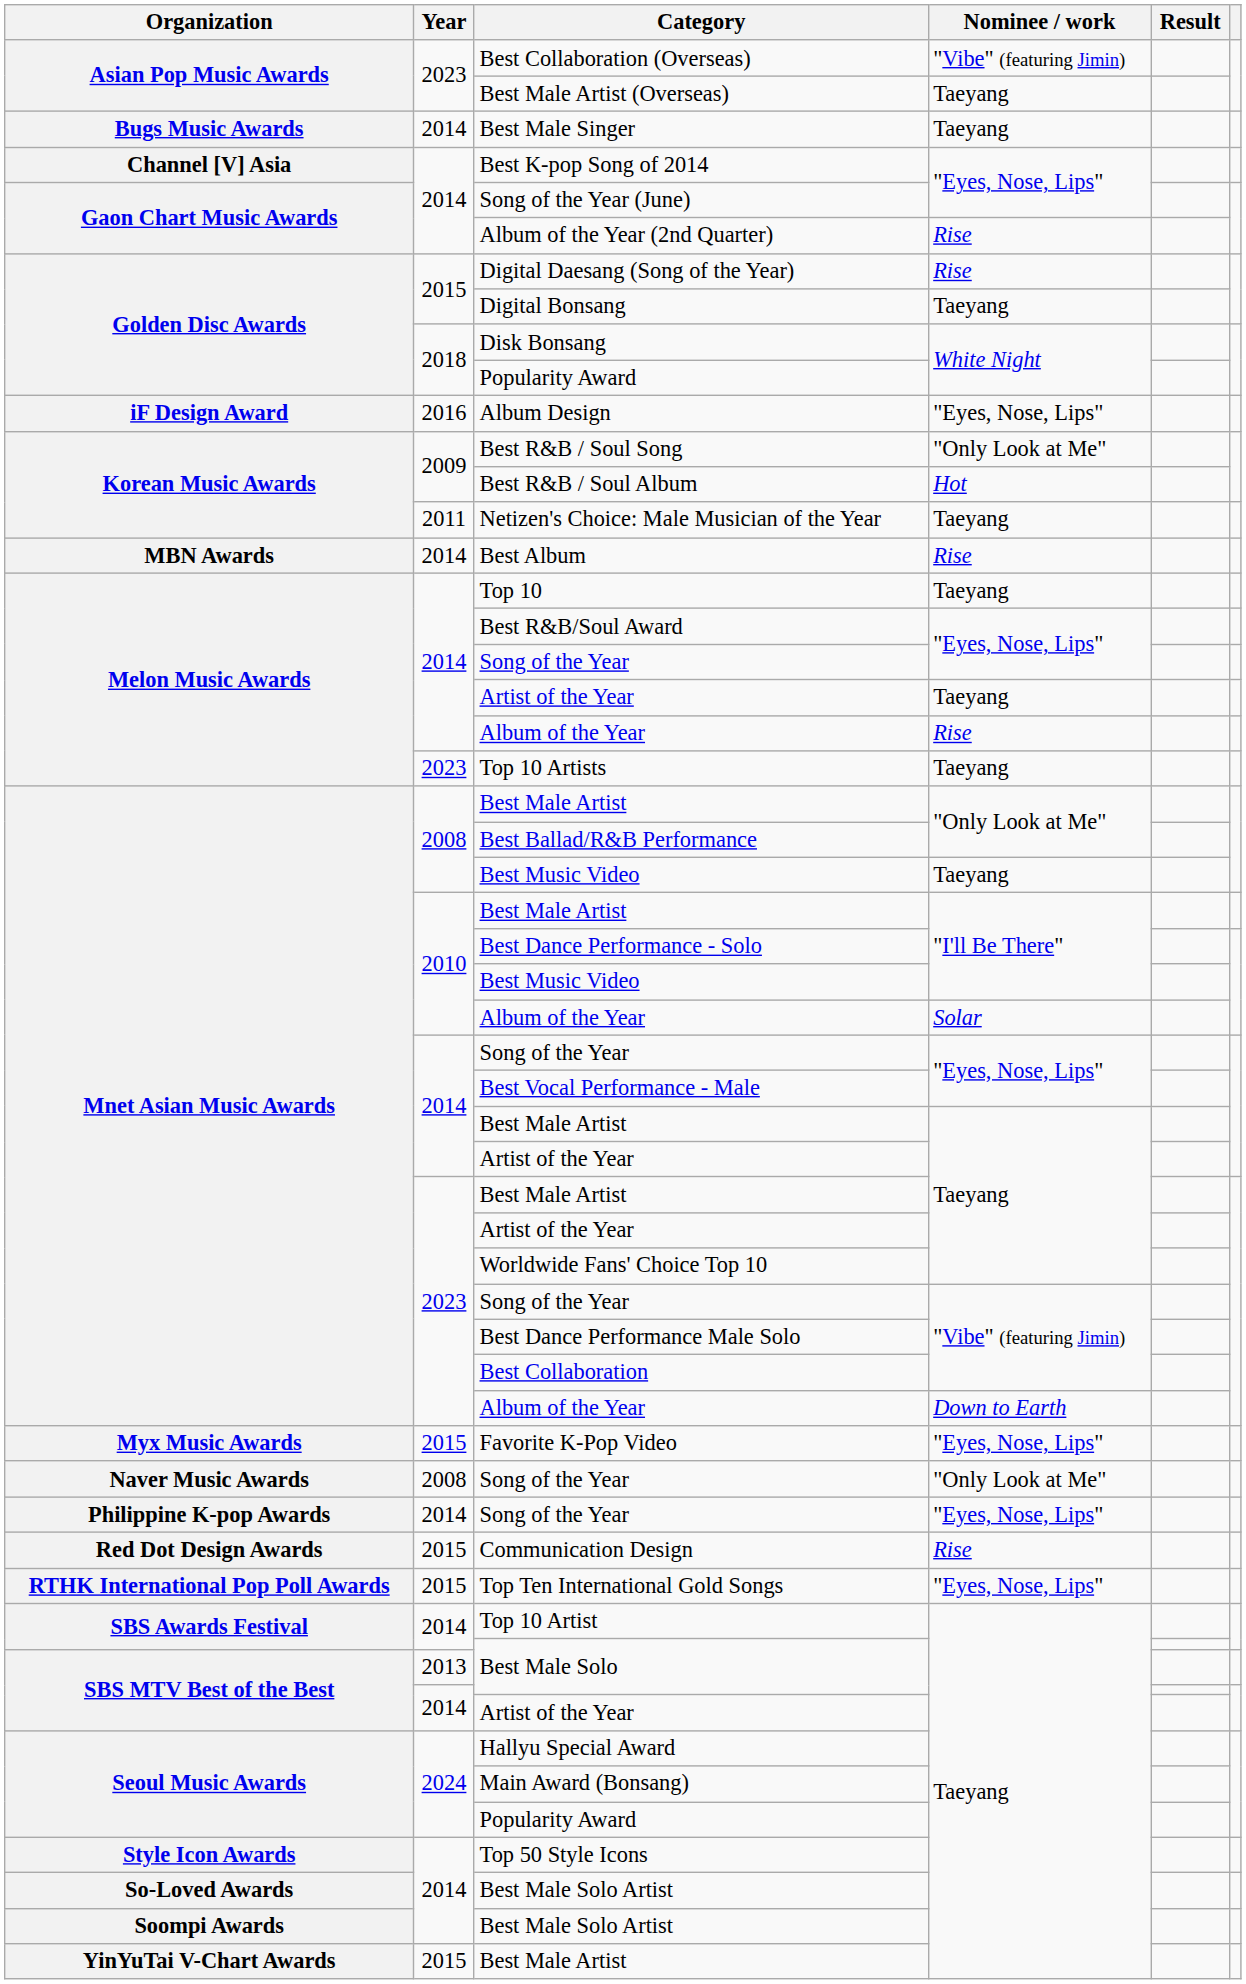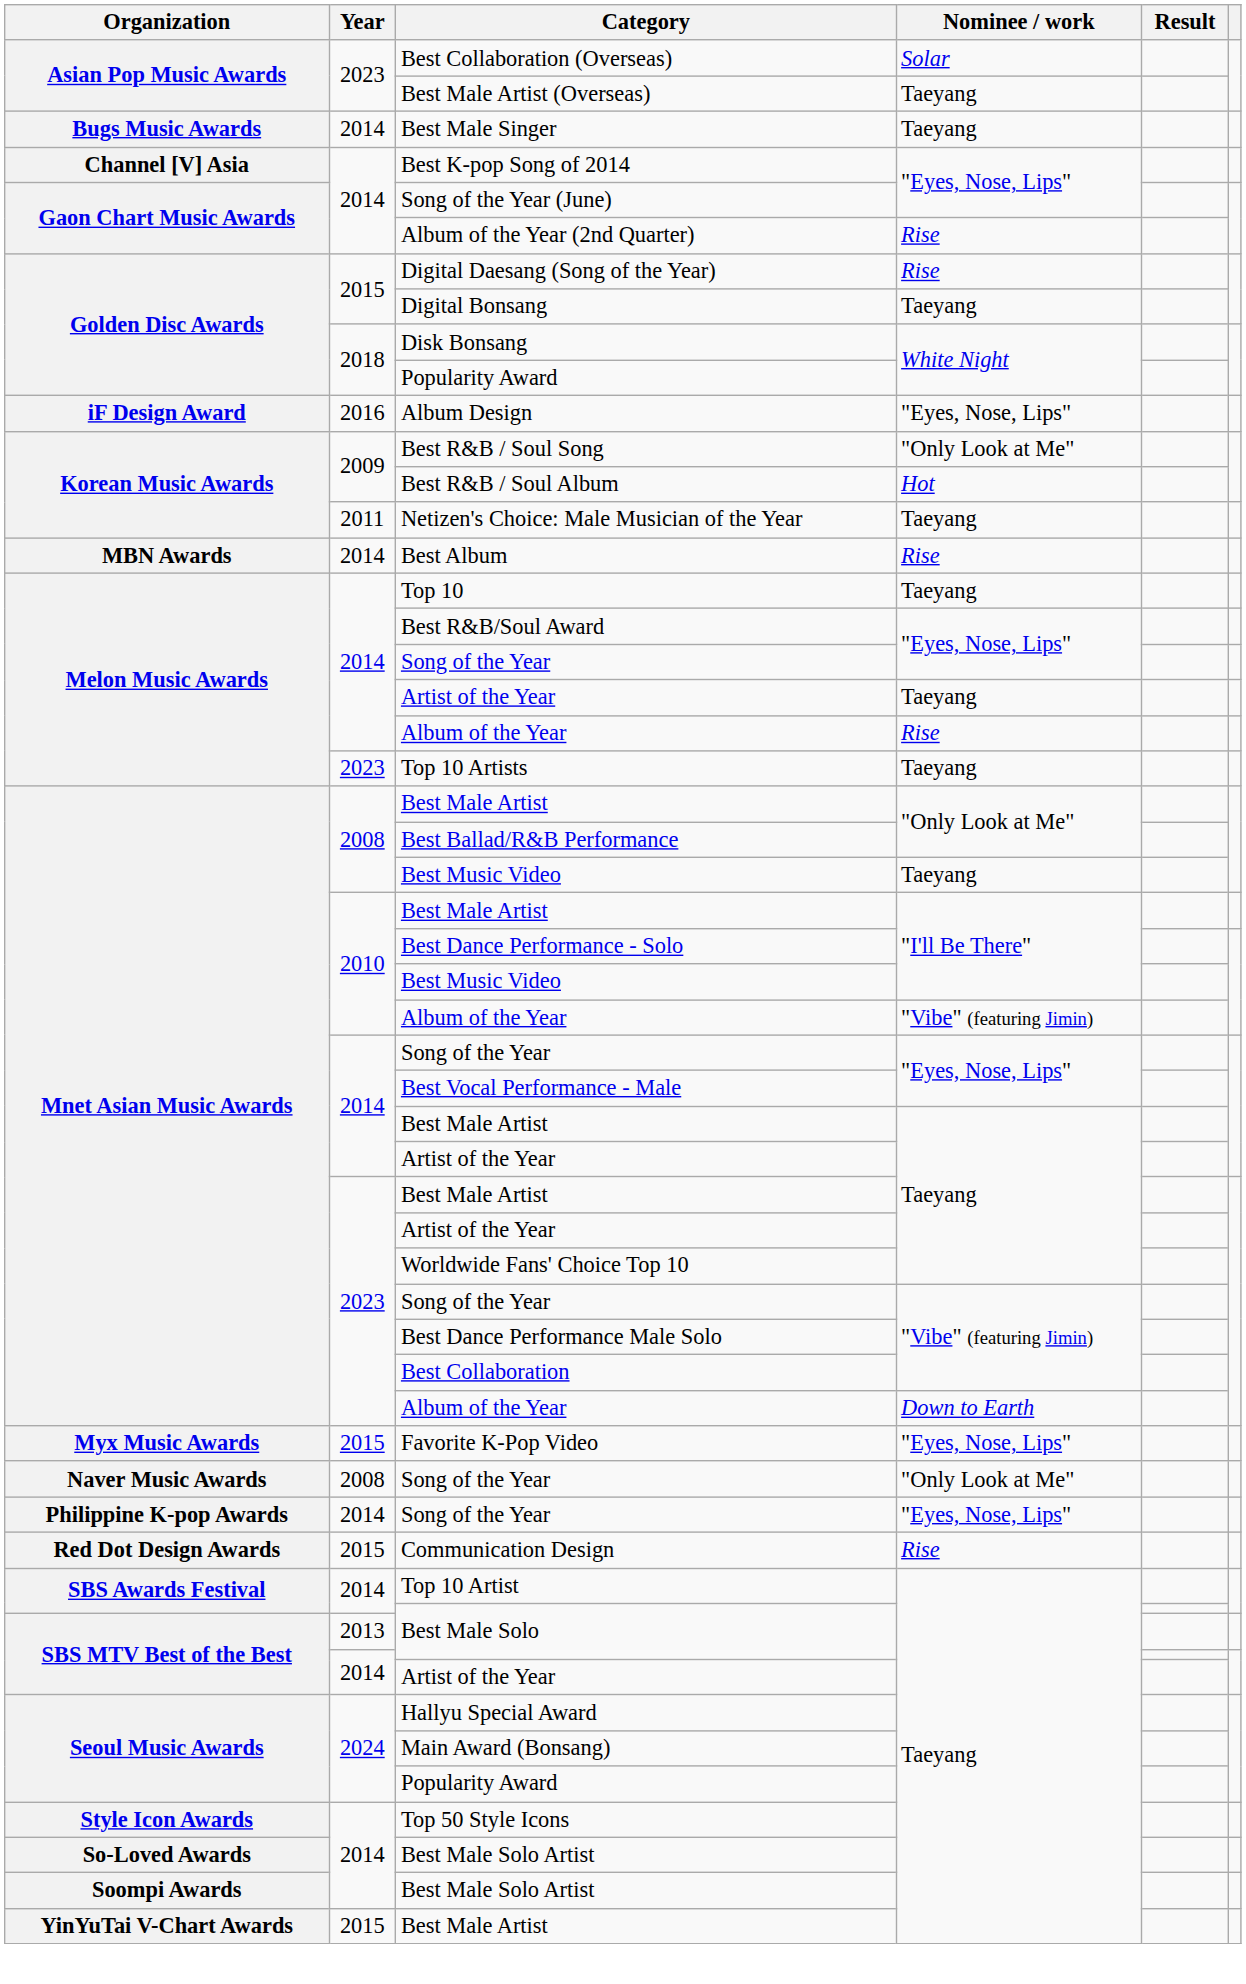 <table class="wikitable sortable plainrowheaders" style="width:100%">
 <tr>
 <th scope="col">Organization</th>
 <th scope="col">Year</th>
 <th scope="col">Category</th>
 <th scope="col">Nominee / work</th>
 <th scope="col">Result</th>
 <th scope="col" class="unsortable"></th>
 </tr>
 <tr>
 <th scope="row" rowspan="2"><a href='#'>Asian Pop Music Awards</a></th>
 <td style="text-align:center" rowspan="2">2023</td>
 <td>Best Collaboration (Overseas)</td>
-<td>"<a href='#'>Vibe</a>" <small>(featuring <a href='#'>Jimin</a>)</small></td>
+<td><em><a href='#'>Solar</a></em></td>
 <td></td>
 <td style="text-align:center" rowspan="2"></td>
 </tr>
 <tr>
 <td>Best Male Artist (Overseas)</td>
 <td>Taeyang</td>
 <td></td>
 </tr>
 <tr>
 <th scope="row"><a href='#'>Bugs Music Awards</a></th>
 <td style="text-align:center">2014</td>
 <td>Best Male Singer</td>
 <td>Taeyang</td>
 <td></td>
 <td style="text-align:center"></td>
 </tr>
 <tr>
 <th scope="row">Channel [V] Asia</th>
 <td rowspan="3" align="center">2014</td>
 <td>Best K-pop Song of 2014</td>
 <td rowspan="2">"<a href='#'>Eyes, Nose, Lips</a>"</td>
 <td></td>
 <td style="text-align:center"></td>
 </tr>
 <tr>
 <th scope="row" rowspan="2"><a href='#'>Gaon Chart Music Awards</a></th>
 <td>Song of the Year (June)</td>
 <td></td>
 <td style="text-align:center" rowspan="2"></td>
 </tr>
 <tr>
 <td>Album of the Year (2nd Quarter)</td>
 <td><em><a href='#'>Rise</a></em></td>
 <td></td>
 </tr>
 <tr>
 <th scope="row" rowspan="4"><a href='#'>Golden Disc Awards</a></th>
 <td style="text-align:center" rowspan="2">2015</td>
 <td>Digital Daesang (Song of the Year)</td>
 <td><a href='#'><em>Rise</em></a></td>
 <td></td>
 <td style="text-align:center" rowspan="2"></td>
 </tr>
 <tr>
 <td>Digital Bonsang</td>
 <td>Taeyang</td>
 <td></td>
 </tr>
 <tr>
 <td style="text-align:center" rowspan="2">2018</td>
 <td>Disk Bonsang</td>
 <td rowspan="2"><em><a href='#'>White Night</a></em></td>
 <td></td>
 <td style="text-align:center" rowspan="2"></td>
 </tr>
 <tr>
 <td>Popularity Award</td>
 <td></td>
 </tr>
 <tr>
 <th scope="row"><a href='#'>iF Design Award</a></th>
 <td style="text-align:center">2016</td>
 <td>Album Design</td>
 <td>"Eyes, Nose, Lips"</td>
 <td></td>
 <td style="text-align:center"></td>
 </tr>
 <tr>
 <th scope="row" rowspan="3"><a href='#'>Korean Music Awards</a></th>
 <td style="text-align:center" rowspan="2">2009</td>
 <td>Best R&B / Soul Song</td>
 <td>"Only Look at Me"</td>
 <td></td>
 <td style="text-align:center" rowspan="2"></td>
 </tr>
 <tr>
 <td>Best R&B / Soul Album</td>
 <td><em><a href='#'>Hot</a></em></td>
 <td></td>
 </tr>
 <tr>
 <td style="text-align:center">2011</td>
 <td>Netizen's Choice: Male Musician of the Year</td>
 <td rowspan="1">Taeyang</td>
 <td></td>
 <td style="text-align:center"></td>
 </tr>
 <tr>
 <th scope="row">MBN Awards</th>
 <td style="text-align:center">2014</td>
 <td>Best Album</td>
 <td><a href='#'><em>Rise</em></a></td>
 <td></td>
 <td style="text-align:center"></td>
 </tr>
 <tr>
 <th scope="row" rowspan="6"><a href='#'>Melon Music Awards</a></th>
 <td style="text-align:center" rowspan="5"><a href='#'>2014</a></td>
 <td>Top 10</td>
 <td>Taeyang</td>
 <td></td>
 <td></td>
 </tr>
 <tr>
 <td>Best R&B/Soul Award</td>
 <td rowspan="2">"<a href='#'>Eyes, Nose, Lips</a>"</td>
 <td></td>
 <td></td>
 </tr>
 <tr>
 <td><a href='#'>Song of the Year</a></td>
 <td></td>
 <td></td>
 </tr>
 <tr>
 <td><a href='#'>Artist of the Year</a></td>
 <td>Taeyang</td>
 <td></td>
 <td></td>
 </tr>
 <tr>
 <td><a href='#'>Album of the Year</a></td>
 <td><em><a href='#'>Rise</a></em></td>
 <td></td>
 <td></td>
 </tr>
 <tr>
 <td style="text-align:center"><a href='#'>2023</a></td>
 <td>Top 10 Artists</td>
 <td>Taeyang</td>
 <td></td>
 <td style="text-align:center"></td>
 </tr>
 <tr>
 <th scope="row" rowspan="18"><a href='#'>Mnet Asian Music Awards</a></th>
 <td style="text-align:center" rowspan="3"><a href='#'>2008</a></td>
 <td><a href='#'>Best Male Artist</a></td>
 <td rowspan="2">"Only Look at Me"</td>
 <td></td>
 <td style="text-align:center" rowspan="3"></td>
 </tr>
 <tr>
 <td><a href='#'>Best Ballad/R&B Performance</a></td>
 <td></td>
 </tr>
 <tr>
 <td><a href='#'>Best Music Video</a></td>
 <td>Taeyang</td>
 <td></td>
 </tr>
 <tr>
 <td style="text-align:center" rowspan="4"><a href='#'>2010</a></td>
 <td><a href='#'>Best Male Artist</a></td>
 <td rowspan="3">"<a href='#'>I'll Be There</a>"</td>
 <td></td>
 <td style="text-align:center"></td>
 </tr>
 <tr>
 <td><a href='#'>Best Dance Performance - Solo</a></td>
 <td></td>
 <td style="text-align:center" rowspan="3"></td>
 </tr>
 <tr>
 <td><a href='#'>Best Music Video</a></td>
 <td></td>
 </tr>
 <tr>
 <td><a href='#'>Album of the Year</a></td>
-<td><em><a href='#'>Solar</a></em></td>
+<td>"<a href='#'>Vibe</a>" <small>(featuring <a href='#'>Jimin</a>)</small></td>
 <td></td>
 </tr>
 <tr>
 <td style="text-align:center" rowspan="4"><a href='#'>2014</a></td>
 <td>Song of the Year</td>
 <td rowspan="2">"<a href='#'>Eyes, Nose, Lips</a>"</td>
 <td></td>
 <td style="text-align:center" rowspan="4"></td>
 </tr>
 <tr>
 <td><a href='#'>Best Vocal Performance - Male</a></td>
 <td></td>
 </tr>
 <tr>
 <td>Best Male Artist</td>
 <td rowspan="5">Taeyang</td>
 <td></td>
 </tr>
 <tr>
 <td>Artist of the Year</td>
 <td></td>
 </tr>
 <tr>
 <td style="text-align:center" rowspan="7"><a href='#'>2023</a></td>
 <td>Best Male Artist</td>
 <td></td>
 <td style="text-align:center" rowspan="7"></td>
 </tr>
 <tr>
 <td>Artist of the Year</td>
 <td></td>
 </tr>
 <tr>
 <td>Worldwide Fans' Choice Top 10</td>
 <td></td>
 </tr>
 <tr>
 <td>Song of the Year</td>
 <td rowspan="3">"<a href='#'>Vibe</a>" <small>(featuring <a href='#'>Jimin</a>)</small></td>
 <td></td>
 </tr>
 <tr>
 <td>Best Dance Performance Male Solo</td>
 <td></td>
 </tr>
 <tr>
 <td><a href='#'>Best Collaboration</a></td>
 <td></td>
 </tr>
 <tr>
 <td><a href='#'>Album of the Year</a></td>
 <td><em><a href='#'>Down to Earth</a></em></td>
 <td></td>
 </tr>
 <tr>
 <th scope="row"><a href='#'>Myx Music Awards</a></th>
 <td style="text-align:center"><a href='#'>2015</a></td>
 <td>Favorite K-Pop Video</td>
 <td>"<a href='#'>Eyes, Nose, Lips</a>"</td>
 <td></td>
 <td style="text-align:center"></td>
 </tr>
 <tr>
 <th scope="row">Naver Music Awards</th>
 <td style="text-align:center">2008</td>
 <td>Song of the Year</td>
 <td>"Only Look at Me"</td>
 <td></td>
 <td></td>
 </tr>
 <tr>
 <th scope="row">Philippine K-pop Awards</th>
 <td style="text-align:center">2014</td>
 <td>Song of the Year</td>
 <td>"<a href='#'>Eyes, Nose, Lips</a>"</td>
 <td></td>
 <td style="text-align:center"></td>
 </tr>
 <tr>
 <th scope="row">Red Dot Design Awards</th>
 <td style="text-align:center">2015</td>
 <td>Communication Design</td>
 <td><em><a href='#'>Rise</a></em></td>
 <td></td>
 <td style="text-align:center"></td>
 </tr>
 <tr>
-<th scope="row"><a href='#'>RTHK International Pop Poll Awards</a></th>
-<td align="center">2015</td>
-<td>Top Ten International Gold Songs</td>
-<td>"<a href='#'>Eyes, Nose, Lips</a>"</td>
-<td></td>
-<td align="center"></td>
-</tr>
-<tr>
 <th scope="row" rowspan="2"><a href='#'>SBS Awards Festival</a></th>
 <td style="text-align:center" rowspan="2">2014</td>
 <td>Top 10 Artist</td>
 <td rowspan="12">Taeyang</td>
 <td></td>
 <td style="text-align:center" rowspan="2"></td>
 </tr>
 <tr>
 <td rowspan="3">Best Male Solo</td>
 <td></td>
 </tr>
 <tr>
 <th scope="row" rowspan="3"><a href='#'>SBS MTV Best of the Best</a></th>
 <td style="text-align:center">2013</td>
 <td></td>
 <td style="text-align:center"></td>
 </tr>
 <tr>
 <td rowspan="2" style="text-align:center">2014</td>
 <td></td>
 <td style="text-align:center" rowspan="2"></td>
 </tr>
 <tr>
 <td>Artist of the Year</td>
 <td></td>
 </tr>
 <tr>
 <th scope="row" rowspan="3"><a href='#'>Seoul Music Awards</a></th>
 <td style="text-align:center" rowspan="3"><a href='#'>2024</a></td>
 <td>Hallyu Special Award</td>
 <td></td>
 <td style="text-align:center" rowspan="3"></td>
 </tr>
 <tr>
 <td>Main Award (Bonsang)</td>
 <td></td>
 </tr>
 <tr>
 <td>Popularity Award</td>
 <td></td>
 </tr>
 <tr>
 <th scope="row"><a href='#'>Style Icon Awards</a></th>
 <td rowspan="3" style="text-align:center">2014</td>
 <td>Top 50 Style Icons</td>
 <td></td>
 <td style="text-align:center"></td>
 </tr>
 <tr>
 <th scope="row">So-Loved Awards</th>
 <td>Best Male Solo Artist</td>
 <td></td>
 <td style="text-align:center"></td>
 </tr>
 <tr>
 <th scope="row">Soompi Awards</th>
 <td>Best Male Solo Artist</td>
 <td></td>
 <td style="text-align:center"></td>
 </tr>
 <tr>
 <th scope="row">YinYuTai V-Chart Awards</th>
 <td style="text-align:center">2015</td>
 <td>Best Male Artist</td>
 <td></td>
 <td style="text-align:center"></td>
 </tr>
 </table>
